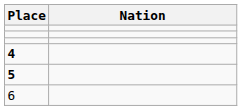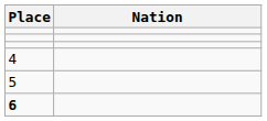 <table class=wikitable style=text-align:left>
 <tr>
 <th width=35>Place</th>
 <th width=185>Nation</th>
 </tr>
 <tr>
 <td></td>
 <td style=text-align:left></td>
 </tr>
 <tr>
 <td></td>
 <td style=text-align:left></td>
 </tr>
 <tr>
 <td></td>
 <td style=text-align:left></td>
 </tr>
 <tr>
-<td style=text-align:left><strong>4</strong></td>
+<td style=text-align:left>4</td>
 <td></td>
 </tr>
 <tr>
-<td style=text-align:left><strong>5</strong></td>
+<td style=text-align:left>5</td>
 <td></td>
 </tr>
 <tr>
-<td style=text-align:left>6</td>
+<td style=text-align:left><strong>6</strong></td>
 <td></td>
 </tr>
 </table>
